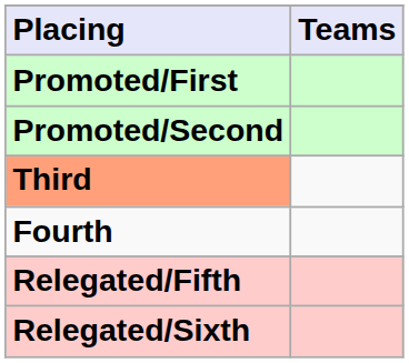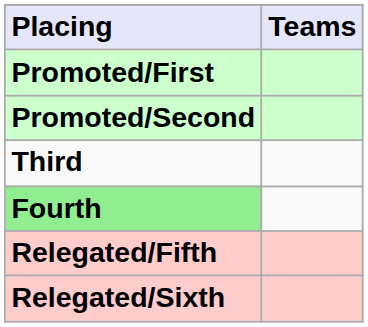 <table class=wikitable>
 <tr>
 </tr>
 <tr style="background: #E6E6FA;">
 <td><strong>Placing</strong></td>
 <td colspan="4" style="text-align:center"><strong>Teams</strong></td>
 </tr>
 <tr style="background: #ccffcc;">
 <td><strong>Promoted/First</strong></td>
 <td colspan=2><strong></strong></td>
 </tr>
 <tr style="background: #ccffcc;">
 <td><strong>Promoted/Second</strong></td>
 <td colspan=2><strong></strong></td>
 </tr>
 <tr>
-<td style="background: lightsalmon;"><strong>Third</strong></td>
+<td><strong>Third</strong></td>
 <td colspan=2></td>
 </tr>
 <tr>
-<td><strong>Fourth</strong></td>
+<td style="background: lightgreen;"><strong>Fourth</strong></td>
 <td colspan=2></td>
 </tr>
 <tr style="background: #ffcccc;">
 <td><strong>Relegated/Fifth</strong></td>
 <td colspan=2><em></em></td>
 </tr>
 <tr style="background: #ffcccc;">
 <td><strong>Relegated/Sixth</strong></td>
 <td colspan=2><em></em></td>
 </tr>
 </table>
